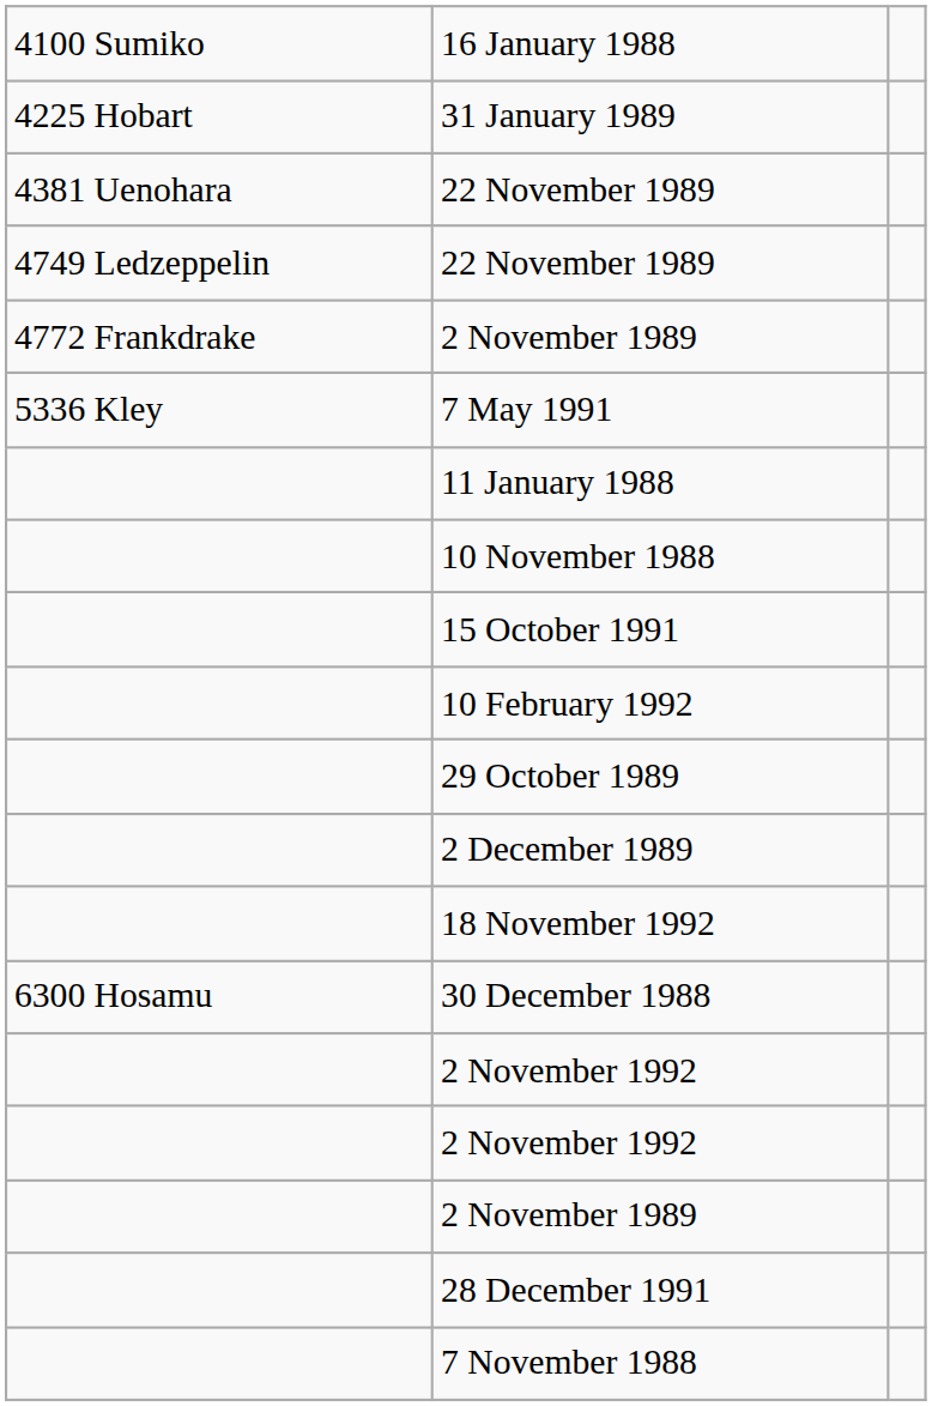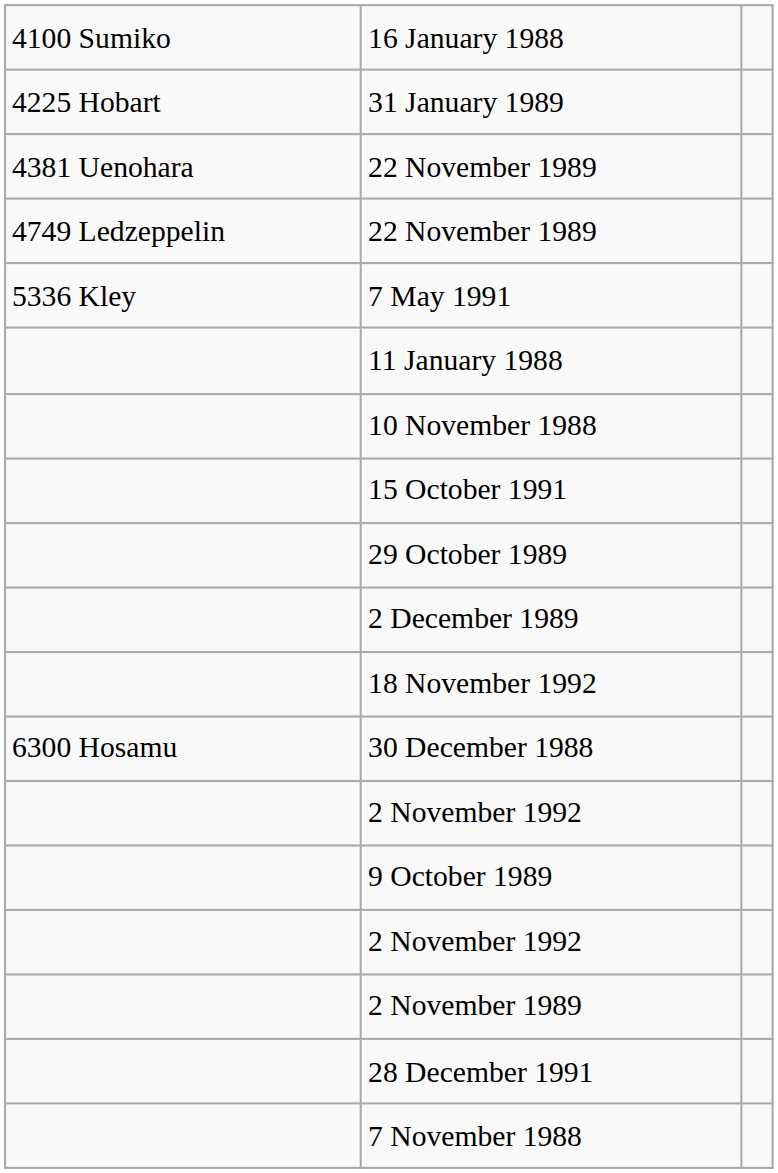 <table class="wikitable" style="font-size: 89%; float: left; width: 26em; margin-right: 1em; height: 560px;">
 <tr>
 <td>4100 Sumiko</td>
 <td>16 January 1988</td>
 <td> </td>
 </tr>
 <tr>
 <td>4225 Hobart</td>
 <td>31 January 1989</td>
 <td> </td>
 </tr>
 <tr>
 <td>4381 Uenohara</td>
 <td>22 November 1989</td>
 <td></td>
 </tr>
 <tr>
 <td>4749 Ledzeppelin</td>
 <td>22 November 1989</td>
 <td></td>
 </tr>
 <tr>
-<td>4772 Frankdrake</td>
-<td>2 November 1989</td>
-<td> </td>
-</tr>
-<tr>
 <td>5336 Kley</td>
 <td>7 May 1991</td>
 <td></td>
 </tr>
 <tr>
 <td></td>
 <td>11 January 1988</td>
 <td> </td>
 </tr>
 <tr>
 <td></td>
 <td>10 November 1988</td>
 <td> </td>
 </tr>
 <tr>
 <td></td>
 <td>15 October 1991</td>
-<td></td>
-</tr>
-<tr>
-<td></td>
-<td>10 February 1992</td>
 <td></td>
 </tr>
 <tr>
 <td></td>
 <td>29 October 1989</td>
 <td> </td>
 </tr>
 <tr>
 <td></td>
 <td>2 December 1989</td>
 <td></td>
 </tr>
 <tr>
 <td></td>
 <td>18 November 1992</td>
 <td></td>
 </tr>
 <tr>
 <td>6300 Hosamu</td>
 <td>30 December 1988</td>
 <td> </td>
 </tr>
 <tr>
 <td></td>
 <td>2 November 1992</td>
 <td></td>
 </tr>
 <tr>
 <td></td>
+<td>9 October 1989</td>
+<td> </td>
+</tr>
+<tr>
+<td></td>
 <td>2 November 1992</td>
 <td></td>
 </tr>
 <tr>
 <td></td>
 <td>2 November 1989</td>
 <td> </td>
 </tr>
 <tr>
 <td></td>
 <td>28 December 1991</td>
 <td></td>
 </tr>
 <tr>
 <td></td>
 <td>7 November 1988</td>
 <td> </td>
 </tr>
 </table>
